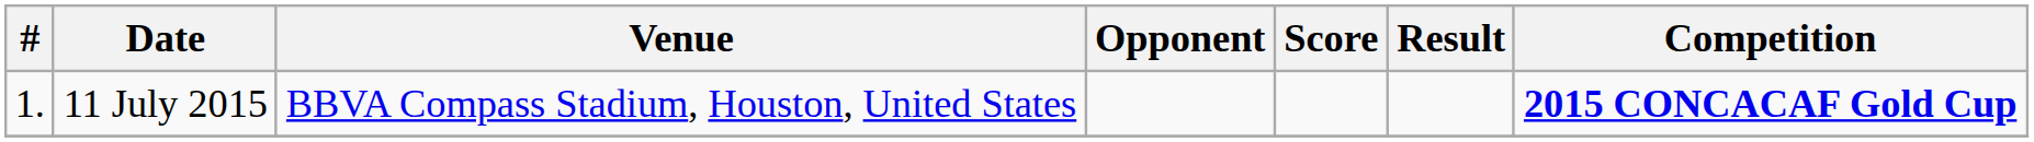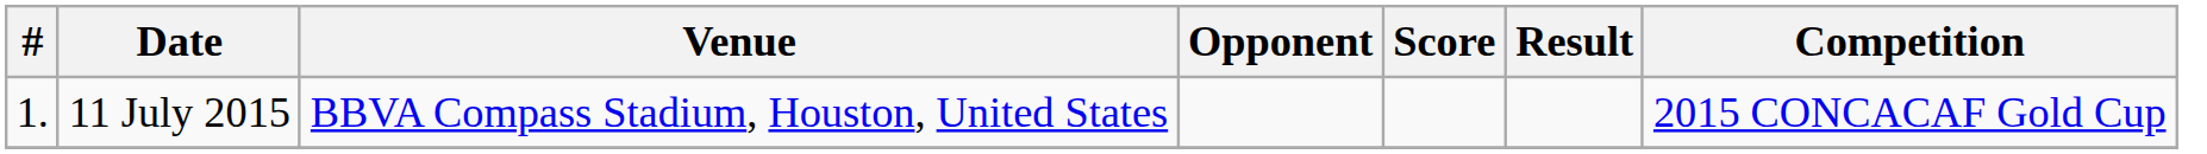 <table class="wikitable" style="font-size:95%;">
 <tr>
 <th>#</th>
 <th>Date</th>
 <th>Venue</th>
 <th>Opponent</th>
 <th>Score</th>
 <th>Result</th>
 <th>Competition</th>
 </tr>
 <tr>
 <td>1.</td>
 <td>11 July 2015</td>
 <td><a href='#'>BBVA Compass Stadium</a>, <a href='#'>Houston</a>, <a href='#'>United States</a></td>
 <td></td>
 <td></td>
 <td></td>
-<td><strong><a href='#'>2015 CONCACAF Gold Cup</a></strong></td>
+<td><a href='#'>2015 CONCACAF Gold Cup</a></td>
 </tr>
 <tr>
 </tr>
 </table>
